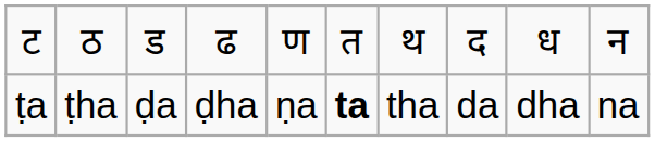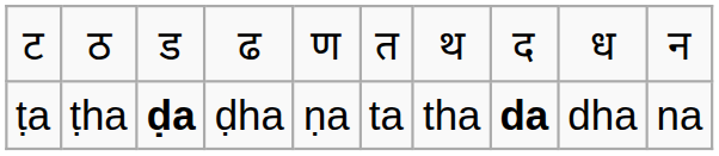 <table class="wikitable" style="margin: 0 auto; text-align: center;">
 <tr>
 <td>ट</td>
 <td>ठ</td>
 <td>ड</td>
 <td>ढ</td>
 <td>ण</td>
 <td>त</td>
 <td>थ</td>
 <td>द</td>
 <td>ध</td>
 <td>न</td>
 </tr>
 <tr>
 <td>ṭa</td>
 <td>ṭha</td>
-<td>ḍa</td>
+<td><strong>ḍa</strong></td>
 <td>ḍha</td>
 <td>ṇa</td>
-<td><strong>ta</strong></td>
+<td>ta</td>
 <td>tha</td>
-<td>da</td>
+<td><strong>da</strong></td>
 <td>dha</td>
 <td>na</td>
 </tr>
 </table>
